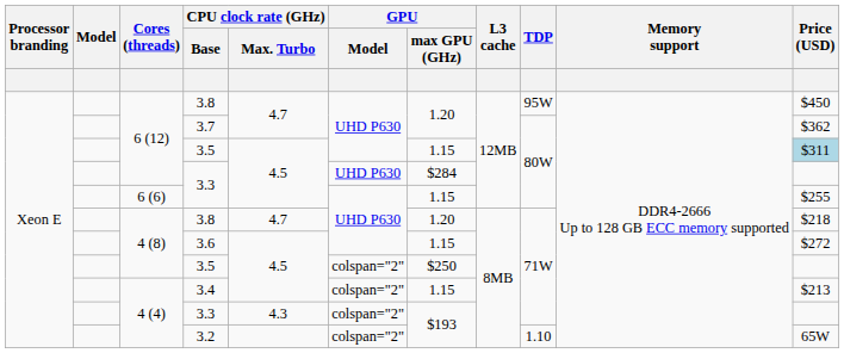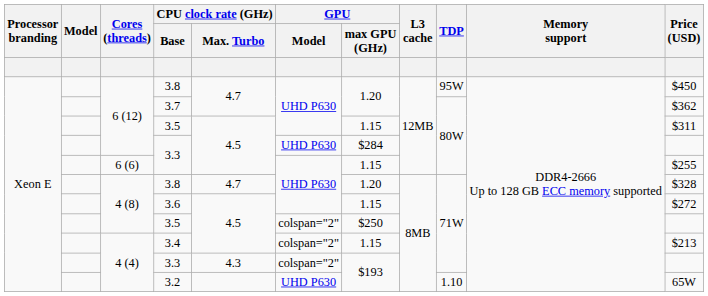 <table class="wikitable sortable hover-highlight" style="text-align: center">
 <tr>
 <th rowspan="2">Processor<br>branding</th>
 <th rowspan="2">Model</th>
 <th rowspan="2"><a href='#'>Cores</a> <br> (<a href='#'>threads</a>)</th>
 <th colspan="2">CPU <a href='#'>clock rate</a> (GHz)</th>
 <th colspan="2"><a href='#'>GPU</a></th>
 <th rowspan="2">L3<br>cache</th>
 <th rowspan="2"><a href='#'>TDP</a></th>
 <th rowspan="2">Memory<br>support</th>
 <th rowspan="2">Price <br> (USD)</th>
 </tr>
 <tr>
 <th>Base</th>
 <th>Max. <a href='#'>Turbo</a></th>
 <th>Model</th>
 <th>max GPU<br>(GHz)</th>
 </tr>
 <tr>
 <th style="background-position:center"><br></th>
 <th style="background-position:center"></th>
 <th style="background-position:center"></th>
 <th style="background-position:center"></th>
 <th style="background-position:center"></th>
 <th style="background-position:center"></th>
 <th style="background-position:center"></th>
 <th style="background-position:center"></th>
 <th style="background-position:center"></th>
 <th style="background-position:center"></th>
 <th style="background-position:center"></th>
 </tr>
 <tr>
 <td rowspan="11">Xeon E</td>
 <td></td>
 <td rowspan="4">6 (12)</td>
 <td>3.8</td>
 <td rowspan="2">4.7</td>
 <td rowspan="3"><a href='#'>UHD P630</a></td>
 <td rowspan="2">1.20</td>
 <td rowspan="5">12MB</td>
 <td>95W</td>
 <td rowspan="11">DDR4-2666<br>Up to 128 GB <a href='#'>ECC memory</a> supported</td>
 <td>$450</td>
 </tr>
 <tr>
 <td></td>
 <td>3.7</td>
 <td rowspan="4">80W</td>
 <td>$362</td>
 </tr>
 <tr>
 <td></td>
 <td>3.5</td>
 <td rowspan="3">4.5</td>
 <td>1.15</td>
-<td style="background: lightblue;">$311</td>
+<td>$311</td>
 </tr>
 <tr>
 <td></td>
 <td rowspan="2">3.3</td>
 <td><a href='#'>UHD P630</a></td>
 <td>$284</td>
 </tr>
 <tr>
 <td></td>
 <td>6 (6)</td>
 <td rowspan="3"><a href='#'>UHD P630</a></td>
 <td>1.15</td>
 <td>$255</td>
 </tr>
 <tr>
 <td></td>
 <td rowspan="3">4 (8)</td>
 <td>3.8</td>
 <td>4.7</td>
 <td>1.20</td>
 <td rowspan="6">8MB</td>
 <td rowspan="5">71W</td>
-<td>$218</td>
+<td>$328</td>
 </tr>
 <tr>
 <td></td>
 <td>3.6</td>
 <td rowspan="3">4.5</td>
 <td>1.15</td>
 <td>$272</td>
 </tr>
 <tr>
 <td></td>
 <td>3.5</td>
 <td>colspan="2" </td>
 <td>$250</td>
 </tr>
 <tr>
 <td></td>
 <td rowspan="3">4 (4)</td>
 <td>3.4</td>
 <td>colspan="2" </td>
 <td>1.15</td>
 <td>$213</td>
 </tr>
 <tr>
 <td></td>
 <td>3.3</td>
 <td>4.3</td>
 <td>colspan="2" </td>
 <td rowspan="2">$193</td>
 </tr>
 <tr>
 <td></td>
 <td>3.2</td>
 <td></td>
-<td>colspan="2" </td>
+<td><a href='#'>UHD P630</a></td>
 <td>1.10</td>
 <td>65W</td>
 </tr>
 </table>
